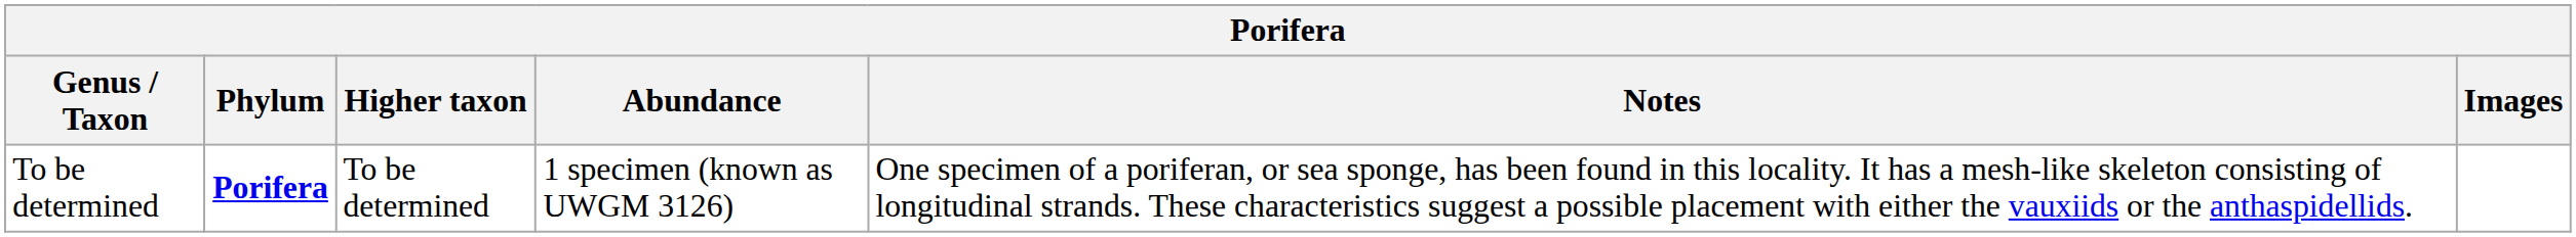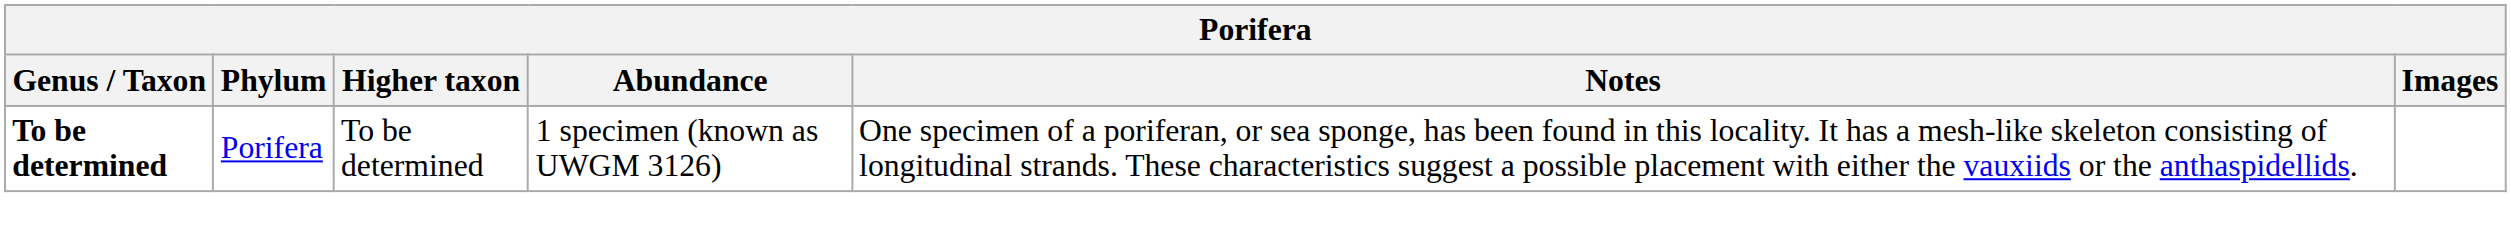 <table class="wikitable sortable" style="background:white; width:100%;">
 <tr>
 <th colspan="7" align="center">Porifera</th>
 </tr>
 <tr>
 <th>Genus / Taxon</th>
 <th>Phylum</th>
 <th>Higher taxon</th>
 <th>Abundance</th>
 <th>Notes</th>
 <th>Images</th>
 </tr>
 <tr>
-<td>To be determined</td>
-<td><strong><a href='#'>Porifera</a></strong></td>
+<td><strong>To be determined</strong></td>
+<td><a href='#'>Porifera</a></td>
 <td>To be determined</td>
 <td>1 specimen (known as UWGM 3126)</td>
 <td>One specimen of a poriferan, or sea sponge, has been found in this locality. It has a mesh-like skeleton consisting of longitudinal strands. These characteristics suggest a possible placement with either the <a href='#'>vauxiids</a> or the <a href='#'>anthaspidellids</a>.</td>
 <td></td>
 </tr>
 </table>
